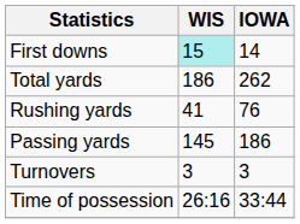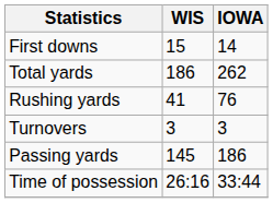 <table class="wikitable">
 <tr>
 <th>Statistics</th>
 <th>WIS</th>
 <th>IOWA</th>
 </tr>
 <tr>
 <td>First downs</td>
-<td style="background: paleturquoise;">15</td>
+<td>15</td>
 <td>14</td>
 </tr>
 <tr>
 <td>Total yards</td>
 <td>186</td>
 <td>262</td>
 </tr>
 <tr>
 <td>Rushing yards</td>
 <td>41</td>
 <td>76</td>
 </tr>
 <tr>
+<td>Turnovers</td>
+<td>3</td>
+<td>3</td>
+</tr>
+<tr>
 <td>Passing yards</td>
 <td>145</td>
 <td>186</td>
-</tr>
-<tr>
-<td>Turnovers</td>
-<td>3</td>
-<td>3</td>
 </tr>
 <tr>
 <td>Time of possession</td>
 <td>26:16</td>
 <td>33:44</td>
 </tr>
 <tr>
 </tr>
 </table>
